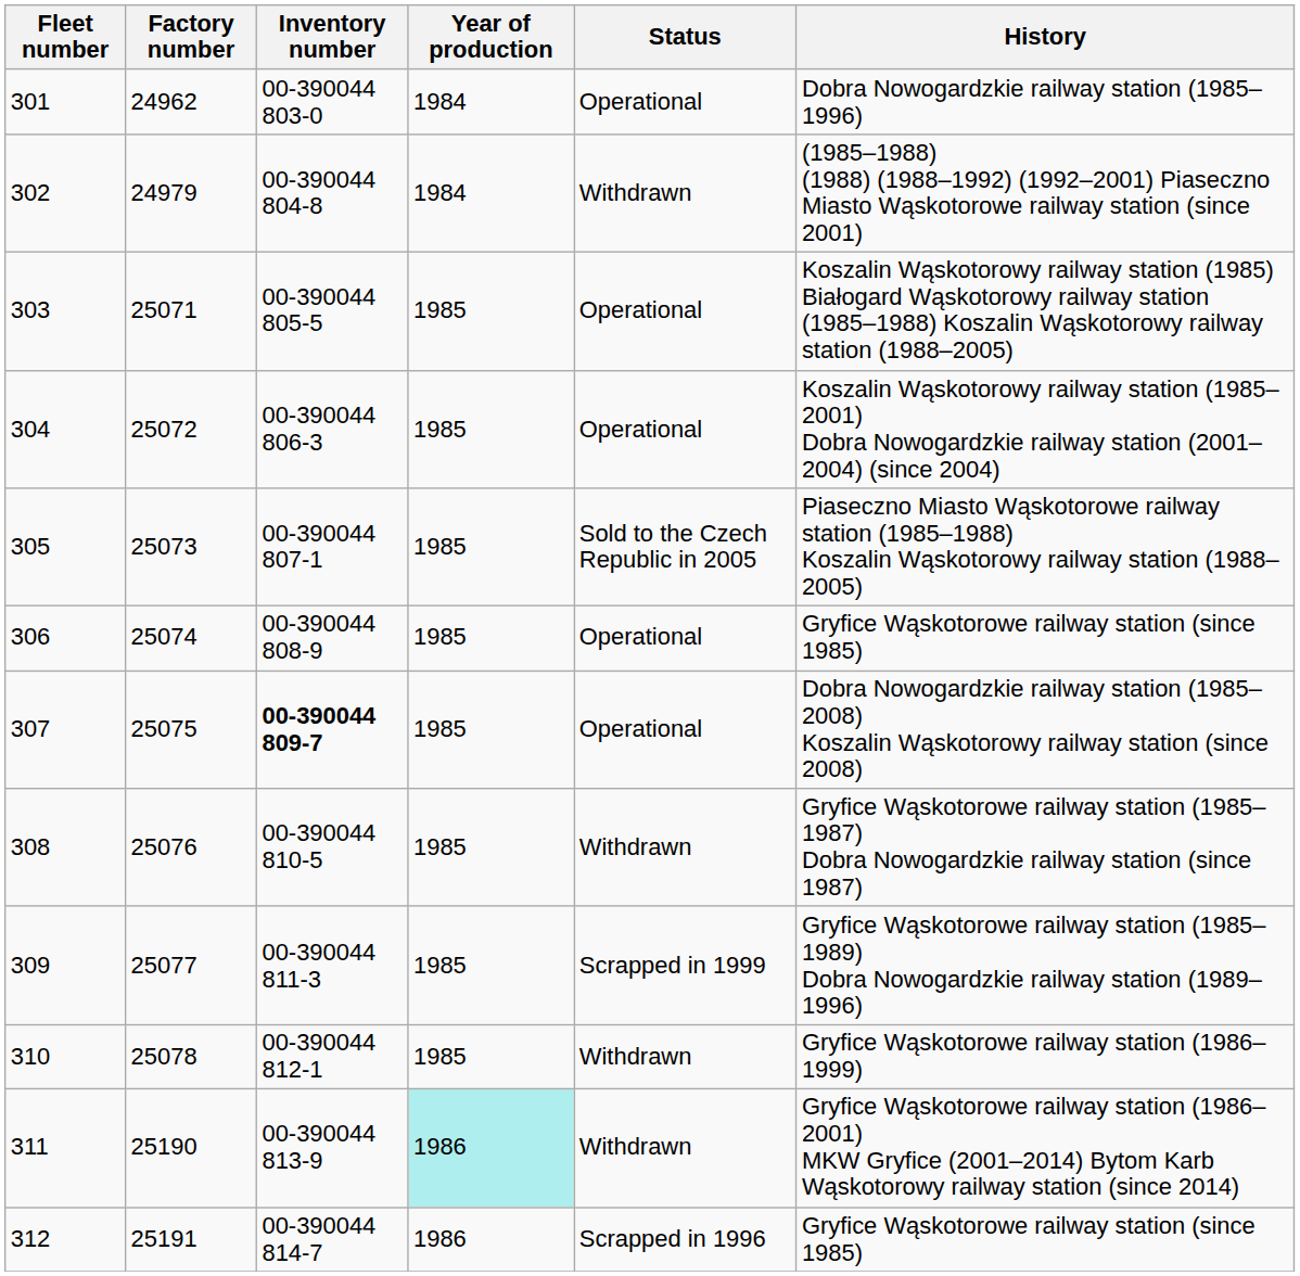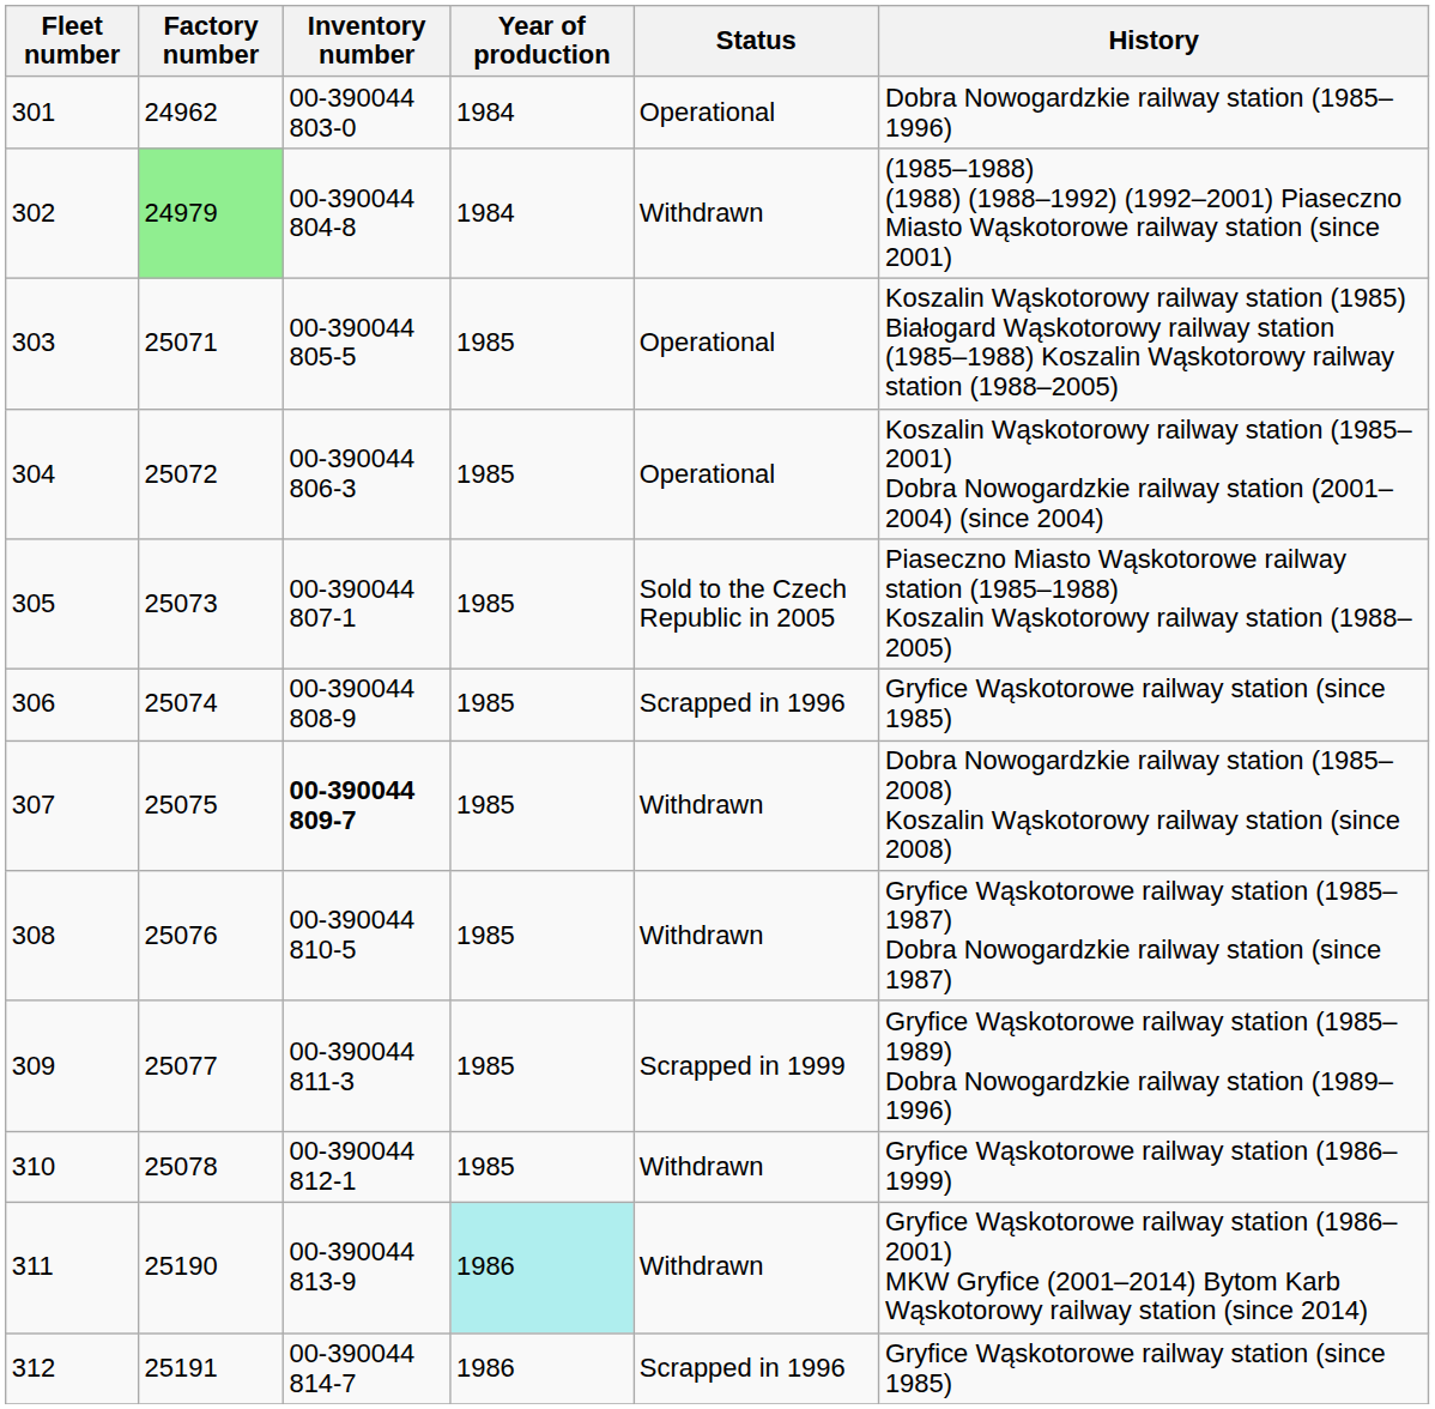 <table class="wikitable">
 <tr>
 <th>Fleet number</th>
 <th>Factory number</th>
 <th>Inventory number</th>
 <th>Year of production</th>
 <th>Status</th>
 <th>History</th>
 </tr>
 <tr>
 <td>301</td>
 <td>24962</td>
 <td>00-390044 803-0</td>
 <td>1984</td>
 <td>Operational</td>
 <td>Dobra Nowogardzkie railway station (1985–1996)</td>
 </tr>
 <tr>
 <td>302</td>
-<td>24979</td>
+<td style="background: lightgreen;">24979</td>
 <td>00-390044 804-8</td>
 <td>1984</td>
 <td>Withdrawn</td>
 <td> (1985–1988)<br> (1988)  (1988–1992)  (1992–2001) Piaseczno Miasto Wąskotorowe railway station (since 2001)</td>
 </tr>
 <tr>
 <td>303</td>
 <td>25071</td>
 <td>00-390044 805-5</td>
 <td>1985</td>
 <td>Operational</td>
 <td>Koszalin Wąskotorowy railway station (1985)<br>Białogard Wąskotorowy railway station (1985–1988) Koszalin Wąskotorowy railway station (1988–2005)</td>
 </tr>
 <tr>
 <td>304</td>
 <td>25072</td>
 <td>00-390044 806-3</td>
 <td>1985</td>
 <td>Operational</td>
 <td>Koszalin Wąskotorowy railway station (1985–2001)<br>Dobra Nowogardzkie railway station (2001–2004)  (since 2004)</td>
 </tr>
 <tr>
 <td>305</td>
 <td>25073</td>
 <td>00-390044 807-1</td>
 <td>1985</td>
 <td>Sold to the Czech Republic in 2005</td>
 <td>Piaseczno Miasto Wąskotorowe railway station (1985–1988)<br>Koszalin Wąskotorowy railway station (1988–2005)</td>
 </tr>
 <tr>
 <td>306</td>
 <td>25074</td>
 <td>00-390044 808-9</td>
 <td>1985</td>
-<td>Operational</td>
+<td>Scrapped in 1996</td>
 <td>Gryfice Wąskotorowe railway station (since 1985)</td>
 </tr>
 <tr>
 <td>307</td>
 <td>25075</td>
 <td><strong>00-390044 809-7</strong></td>
 <td>1985</td>
-<td>Operational</td>
+<td>Withdrawn</td>
 <td>Dobra Nowogardzkie railway station (1985–2008)<br>Koszalin Wąskotorowy railway station (since 2008)</td>
 </tr>
 <tr>
 <td>308</td>
 <td>25076</td>
 <td>00-390044 810-5</td>
 <td>1985</td>
 <td>Withdrawn</td>
 <td>Gryfice Wąskotorowe railway station (1985–1987)<br>Dobra Nowogardzkie railway station (since 1987)</td>
 </tr>
 <tr>
 <td>309</td>
 <td>25077</td>
 <td>00-390044 811-3</td>
 <td>1985</td>
 <td>Scrapped in 1999</td>
 <td>Gryfice Wąskotorowe railway station (1985–1989)<br>Dobra Nowogardzkie railway station (1989–1996)</td>
 </tr>
 <tr>
 <td>310</td>
 <td>25078</td>
 <td>00-390044 812-1</td>
 <td>1985</td>
 <td>Withdrawn</td>
 <td>Gryfice Wąskotorowe railway station (1986–1999)</td>
 </tr>
 <tr>
 <td>311</td>
 <td>25190</td>
 <td>00-390044 813-9</td>
 <td style="background: paleturquoise;">1986</td>
 <td>Withdrawn</td>
 <td>Gryfice Wąskotorowe railway station (1986–2001)<br>MKW Gryfice (2001–2014) Bytom Karb Wąskotorowy railway station (since 2014)</td>
 </tr>
 <tr>
 <td>312</td>
 <td>25191</td>
 <td>00-390044 814-7</td>
 <td>1986</td>
 <td>Scrapped in 1996</td>
 <td>Gryfice Wąskotorowe railway station (since 1985)</td>
 </tr>
 </table>
